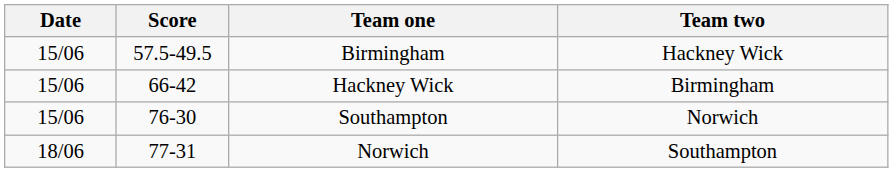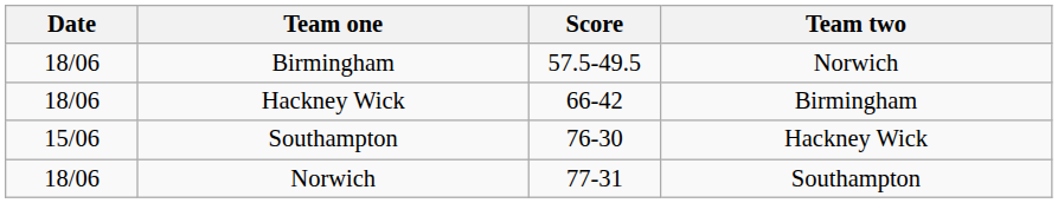 <table class="wikitable" style="text-align: center">
 <tr>
 <th width=80>Date</th>
+<th width=250>Team one</th>
 <th width=80>Score</th>
-<th width=250>Team one</th>
 <th width=250>Team two</th>
 </tr>
 <tr>
-<td>15/06</td>
+<td>18/06</td>
+<td>Birmingham</td>
 <td>57.5-49.5</td>
-<td>Birmingham</td>
-<td>Hackney Wick</td>
+<td>Norwich</td>
 </tr>
 <tr>
-<td>15/06</td>
+<td>18/06</td>
+<td>Hackney Wick</td>
 <td>66-42</td>
-<td>Hackney Wick</td>
 <td>Birmingham</td>
 </tr>
 <tr>
 <td>15/06</td>
+<td>Southampton</td>
 <td>76-30</td>
-<td>Southampton</td>
-<td>Norwich</td>
+<td>Hackney Wick</td>
 </tr>
 <tr>
 <td>18/06</td>
+<td>Norwich</td>
 <td>77-31</td>
-<td>Norwich</td>
 <td>Southampton</td>
 </tr>
 </table>
